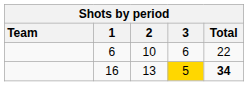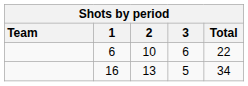 <table class="wikitable" style="width:20em; text-align:right;">
 <tr>
 <th colspan="6">Shots by period</th>
 </tr>
 <tr>
 <th style="width:8em; text-align:left;">Team</th>
 <th style="width:3em;">1</th>
 <th style="width:3em;">2</th>
 <th style="width:3em;">3</th>
 <th style="width:3em;">Total</th>
 </tr>
 <tr>
 <td style="text-align:left;"></td>
 <td style="text-align:center;">6</td>
 <td style="text-align:center;">10</td>
 <td style="text-align:center;">6</td>
 <td style="text-align:center;">22</td>
 </tr>
 <tr>
 <td style="text-align:left;"></td>
 <td style="text-align:center;">16</td>
 <td style="text-align:center;">13</td>
-<td style="background: gold; text-align:center;">5</td>
-<td style="text-align:center;"><strong>34</strong></td>
+<td style="text-align:center;">5</td>
+<td style="text-align:center;">34</td>
 </tr>
 </table>
